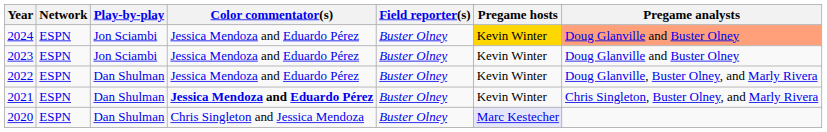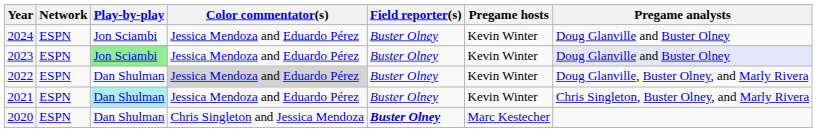 <table class="wikitable">
 <tr>
 <th>Year</th>
 <th>Network</th>
 <th><a href='#'>Play-by-play</a></th>
 <th><a href='#'>Color commentator</a>(s)</th>
 <th><a href='#'>Field reporter</a>(s)</th>
 <th>Pregame hosts</th>
 <th>Pregame analysts</th>
 </tr>
 <tr>
 <td><a href='#'>2024</a></td>
 <td><a href='#'>ESPN</a></td>
 <td><a href='#'>Jon Sciambi</a></td>
 <td><a href='#'>Jessica Mendoza</a> and <a href='#'>Eduardo Pérez</a></td>
 <td><em><a href='#'>Buster Olney</a></em></td>
-<td style="background: gold;">Kevin Winter</td>
-<td style="background: lightsalmon;"><a href='#'>Doug Glanville</a> and <a href='#'>Buster Olney</a></td>
+<td>Kevin Winter</td>
+<td><a href='#'>Doug Glanville</a> and <a href='#'>Buster Olney</a></td>
 </tr>
 <tr>
 <td><a href='#'>2023</a></td>
 <td><a href='#'>ESPN</a></td>
-<td><a href='#'>Jon Sciambi</a></td>
+<td style="background: lightgreen;"><a href='#'>Jon Sciambi</a></td>
 <td><a href='#'>Jessica Mendoza</a> and <a href='#'>Eduardo Pérez</a></td>
 <td><em><a href='#'>Buster Olney</a></em></td>
 <td>Kevin Winter</td>
-<td><a href='#'>Doug Glanville</a> and <a href='#'>Buster Olney</a></td>
+<td style="background: lavender;"><a href='#'>Doug Glanville</a> and <a href='#'>Buster Olney</a></td>
 </tr>
 <tr>
 <td><a href='#'>2022</a></td>
 <td><a href='#'>ESPN</a></td>
 <td><a href='#'>Dan Shulman</a></td>
-<td><a href='#'>Jessica Mendoza</a> and <a href='#'>Eduardo Pérez</a></td>
+<td style="background: lightgrey;"><a href='#'>Jessica Mendoza</a> and <a href='#'>Eduardo Pérez</a></td>
 <td><em><a href='#'>Buster Olney</a></em></td>
 <td>Kevin Winter</td>
 <td><a href='#'>Doug Glanville</a>, <a href='#'>Buster Olney</a>, and <a href='#'>Marly Rivera</a></td>
 </tr>
 <tr>
 <td><a href='#'>2021</a></td>
 <td><a href='#'>ESPN</a></td>
-<td><a href='#'>Dan Shulman</a></td>
-<td><strong><a href='#'>Jessica Mendoza</a> and <a href='#'>Eduardo Pérez</a></strong></td>
+<td style="background: paleturquoise;"><a href='#'>Dan Shulman</a></td>
+<td><a href='#'>Jessica Mendoza</a> and <a href='#'>Eduardo Pérez</a></td>
 <td><em><a href='#'>Buster Olney</a></em></td>
 <td>Kevin Winter</td>
 <td><a href='#'>Chris Singleton</a>, <a href='#'>Buster Olney</a>, and <a href='#'>Marly Rivera</a></td>
 </tr>
 <tr>
 <td><a href='#'>2020</a></td>
 <td><a href='#'>ESPN</a></td>
 <td><a href='#'>Dan Shulman</a></td>
 <td><a href='#'>Chris Singleton</a> and <a href='#'>Jessica Mendoza</a></td>
-<td><em><a href='#'>Buster Olney</a></em></td>
-<td style="background: lavender;"><a href='#'>Marc Kestecher</a></td>
+<td><strong><em><a href='#'>Buster Olney</a></em></strong></td>
+<td><a href='#'>Marc Kestecher</a></td>
 </tr>
 </table>
